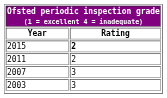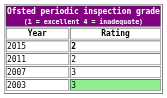 <table border=yes>
 <tr style="background: purple; color: white">
 <th colspan="2">Ofsted periodic inspection grade<br><small>(1 = excellent 4 = inadequate)</small></th>
 </tr>
 <tr>
 <th>Year</th>
 <th>Rating</th>
 </tr>
 <tr>
 <td>2015</td>
 <td><strong>2</strong></td>
 </tr>
 <tr>
 <td>2011</td>
 <td>2</td>
 </tr>
 <tr>
 <td>2007</td>
 <td>3</td>
 </tr>
 <tr>
 <td>2003</td>
-<td>3</td>
+<td style="background: lightgreen;">3</td>
 </tr>
 <tr>
 </tr>
 </table>
